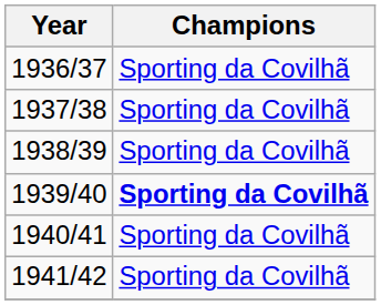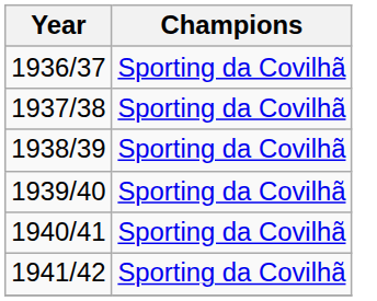 <table class="wikitable" style="text-align:left">
 <tr>
 <th style= width="100px">Year</th>
 <th style= width="400px">Champions</th>
 </tr>
 <tr>
 <td>1936/37</td>
 <td><a href='#'>Sporting da Covilhã</a></td>
 </tr>
 <tr>
 <td>1937/38</td>
 <td><a href='#'>Sporting da Covilhã</a></td>
 </tr>
 <tr>
 <td>1938/39</td>
 <td><a href='#'>Sporting da Covilhã</a></td>
 </tr>
 <tr>
 <td>1939/40</td>
-<td><strong><a href='#'>Sporting da Covilhã</a></strong></td>
+<td><a href='#'>Sporting da Covilhã</a></td>
 </tr>
 <tr>
 <td>1940/41</td>
 <td><a href='#'>Sporting da Covilhã</a></td>
 </tr>
 <tr>
 <td>1941/42</td>
 <td><a href='#'>Sporting da Covilhã</a></td>
 </tr>
 <tr>
 </tr>
 </table>
